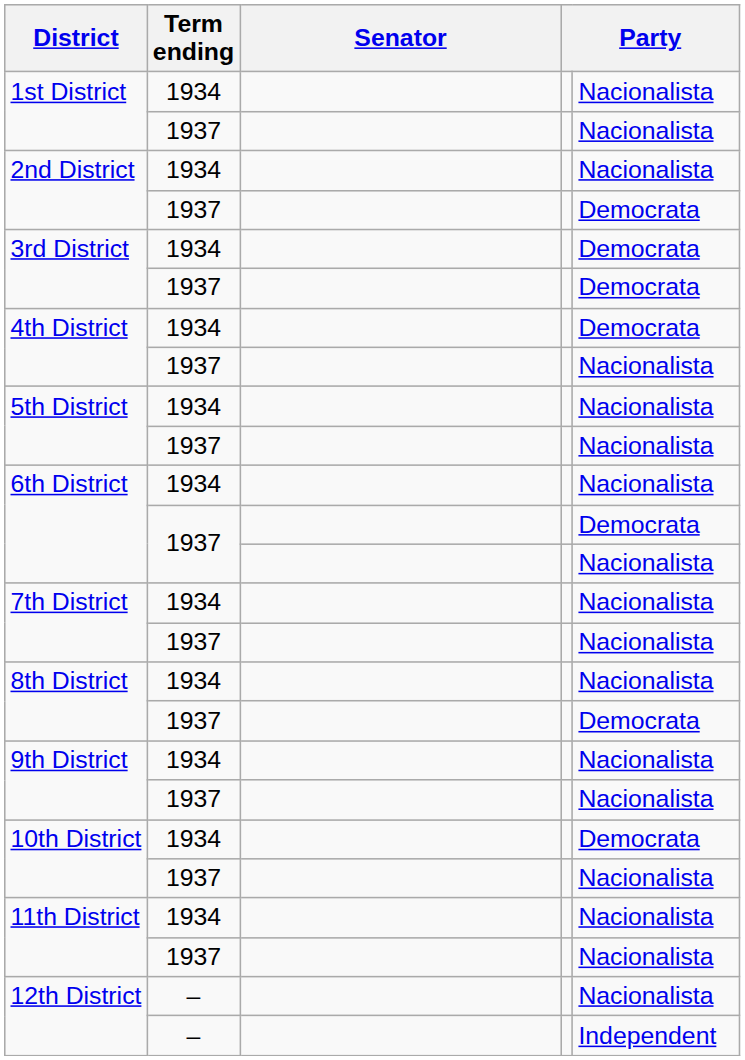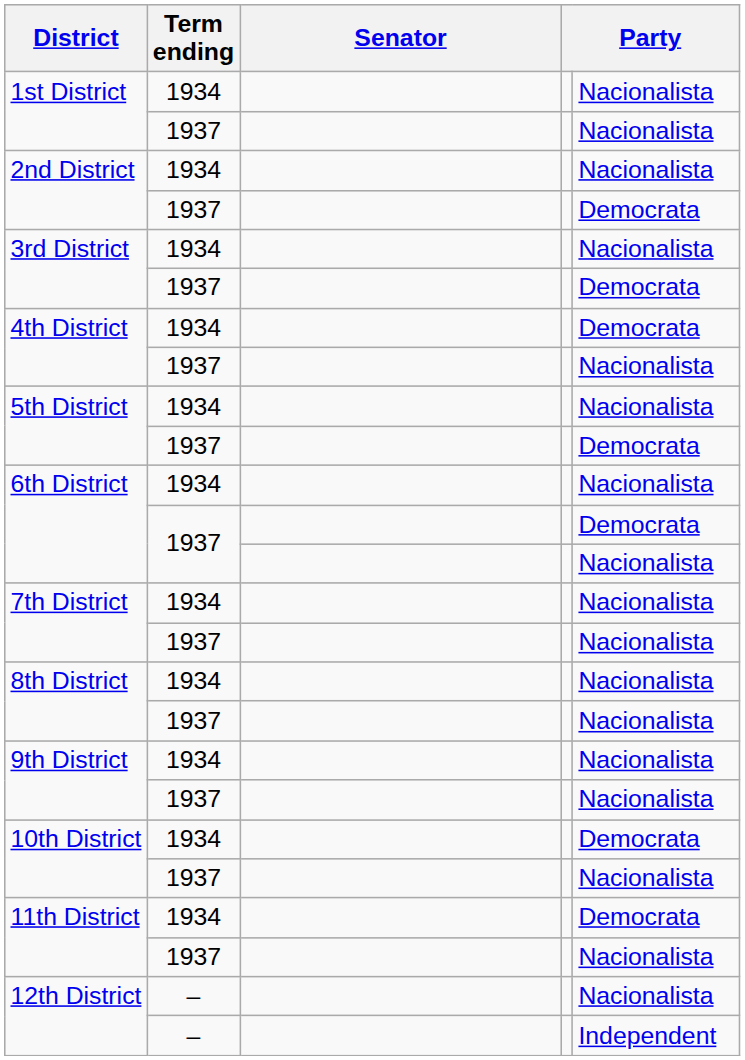 <table class="wikitable sortable">
 <tr>
 <th><a href='#'>District</a></th>
 <th width="50px">Term ending</th>
 <th width="200px"><a href='#'>Senator</a></th>
 <th colspan="2"><a href='#'>Party</a></th>
 </tr>
 <tr>
 <td rowspan="2" valign="top"><a href='#'>1st District</a></td>
 <td align="center">1934</td>
 <td></td>
 <td></td>
 <td width="100px"><a href='#'>Nacionalista</a></td>
 </tr>
 <tr>
 <td align="center">1937</td>
 <td></td>
 <td></td>
 <td><a href='#'>Nacionalista</a></td>
 </tr>
 <tr>
 <td rowspan="2" valign="top"><a href='#'>2nd District</a></td>
 <td align="center">1934</td>
 <td></td>
 <td></td>
 <td><a href='#'>Nacionalista</a></td>
 </tr>
 <tr>
 <td align="center">1937</td>
 <td></td>
 <td></td>
 <td><a href='#'>Democrata</a></td>
 </tr>
 <tr>
 <td rowspan="2" valign="top"><a href='#'>3rd District</a></td>
 <td align="center">1934</td>
 <td></td>
 <td></td>
-<td><a href='#'>Democrata</a></td>
+<td><a href='#'>Nacionalista</a></td>
 </tr>
 <tr>
 <td align="center">1937</td>
 <td></td>
 <td></td>
 <td><a href='#'>Democrata</a></td>
 </tr>
 <tr>
 <td rowspan="2" valign="top"><a href='#'>4th District</a></td>
 <td align="center">1934</td>
 <td></td>
 <td></td>
 <td><a href='#'>Democrata</a></td>
 </tr>
 <tr>
 <td align="center">1937</td>
 <td></td>
 <td></td>
 <td><a href='#'>Nacionalista</a></td>
 </tr>
 <tr>
 <td rowspan="2" valign="top"><a href='#'>5th District</a></td>
 <td align="center">1934</td>
 <td></td>
 <td></td>
 <td><a href='#'>Nacionalista</a></td>
 </tr>
 <tr>
 <td align="center">1937</td>
 <td></td>
 <td></td>
-<td><a href='#'>Nacionalista</a></td>
+<td><a href='#'>Democrata</a></td>
 </tr>
 <tr>
 <td rowspan="3" valign="top"><a href='#'>6th District</a></td>
 <td align="center">1934</td>
 <td></td>
 <td></td>
 <td><a href='#'>Nacionalista</a></td>
 </tr>
 <tr>
 <td rowspan="2" align="center">1937</td>
 <td></td>
 <td></td>
 <td><a href='#'>Democrata</a></td>
 </tr>
 <tr>
 <td></td>
 <td></td>
 <td><a href='#'>Nacionalista</a></td>
 </tr>
 <tr>
 <td rowspan="2" valign="top"><a href='#'>7th District</a></td>
 <td align="center">1934</td>
 <td></td>
 <td></td>
 <td><a href='#'>Nacionalista</a></td>
 </tr>
 <tr>
 <td align="center">1937</td>
 <td></td>
 <td></td>
 <td><a href='#'>Nacionalista</a></td>
 </tr>
 <tr>
 <td rowspan="2" valign="top"><a href='#'>8th District</a></td>
 <td align="center">1934</td>
 <td></td>
 <td></td>
 <td><a href='#'>Nacionalista</a></td>
 </tr>
 <tr>
 <td align="center">1937</td>
 <td></td>
 <td></td>
-<td><a href='#'>Democrata</a></td>
+<td><a href='#'>Nacionalista</a></td>
 </tr>
 <tr>
 <td rowspan="2" valign="top"><a href='#'>9th District</a></td>
 <td align="center">1934</td>
 <td></td>
 <td></td>
 <td><a href='#'>Nacionalista</a></td>
 </tr>
 <tr>
 <td align="center">1937</td>
 <td></td>
 <td></td>
 <td><a href='#'>Nacionalista</a></td>
 </tr>
 <tr>
 <td rowspan="2" valign="top"><a href='#'>10th District</a></td>
 <td align="center">1934</td>
 <td></td>
 <td></td>
 <td><a href='#'>Democrata</a></td>
 </tr>
 <tr>
 <td align="center">1937</td>
 <td></td>
 <td></td>
 <td><a href='#'>Nacionalista</a></td>
 </tr>
 <tr>
 <td rowspan="2" valign="top"><a href='#'>11th District</a></td>
 <td align="center">1934</td>
 <td></td>
 <td></td>
-<td><a href='#'>Nacionalista</a></td>
+<td><a href='#'>Democrata</a></td>
 </tr>
 <tr>
 <td align="center">1937</td>
 <td></td>
 <td></td>
 <td><a href='#'>Nacionalista</a></td>
 </tr>
 <tr>
 <td rowspan="2" valign="top"><a href='#'>12th District</a></td>
 <td align="center">–</td>
 <td></td>
 <td></td>
 <td><a href='#'>Nacionalista</a></td>
 </tr>
 <tr>
 <td align="center">–</td>
 <td></td>
 <td></td>
 <td><a href='#'>Independent</a></td>
 </tr>
 </table>
